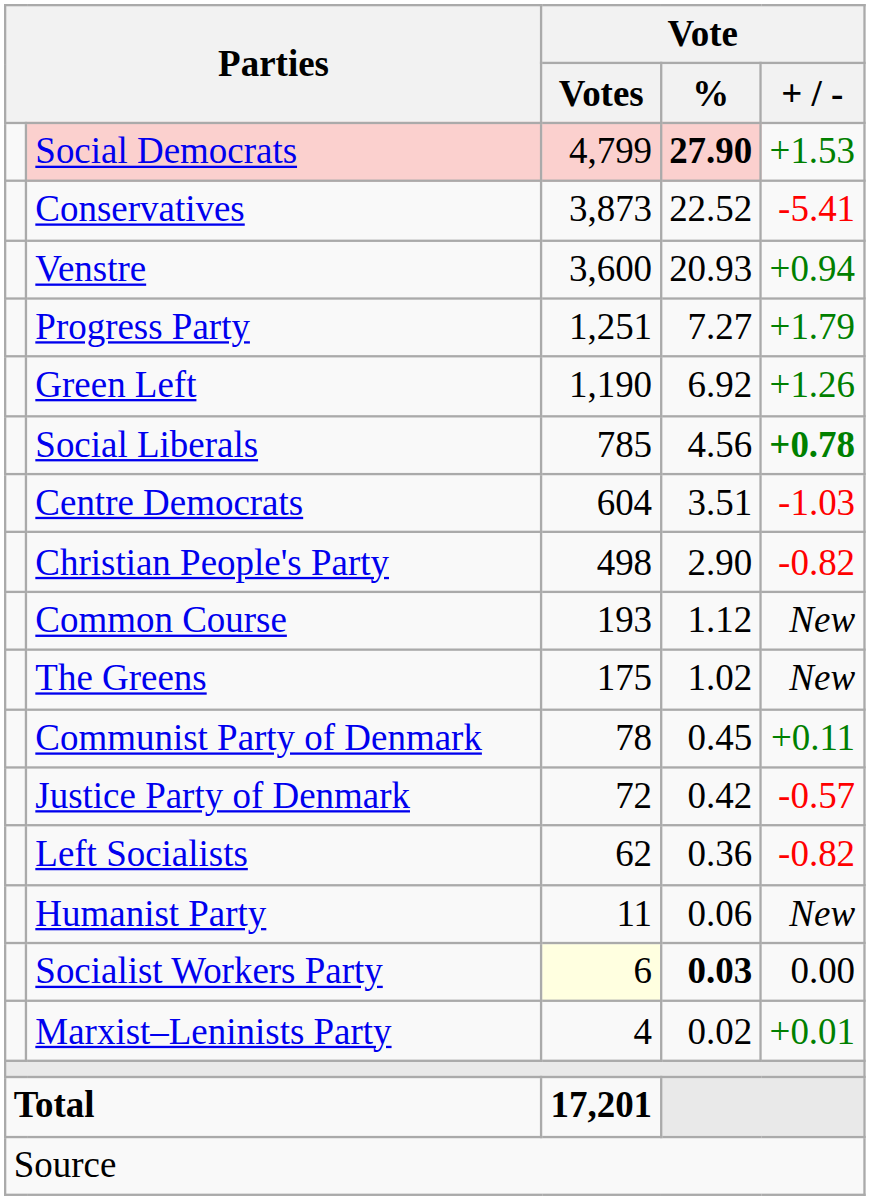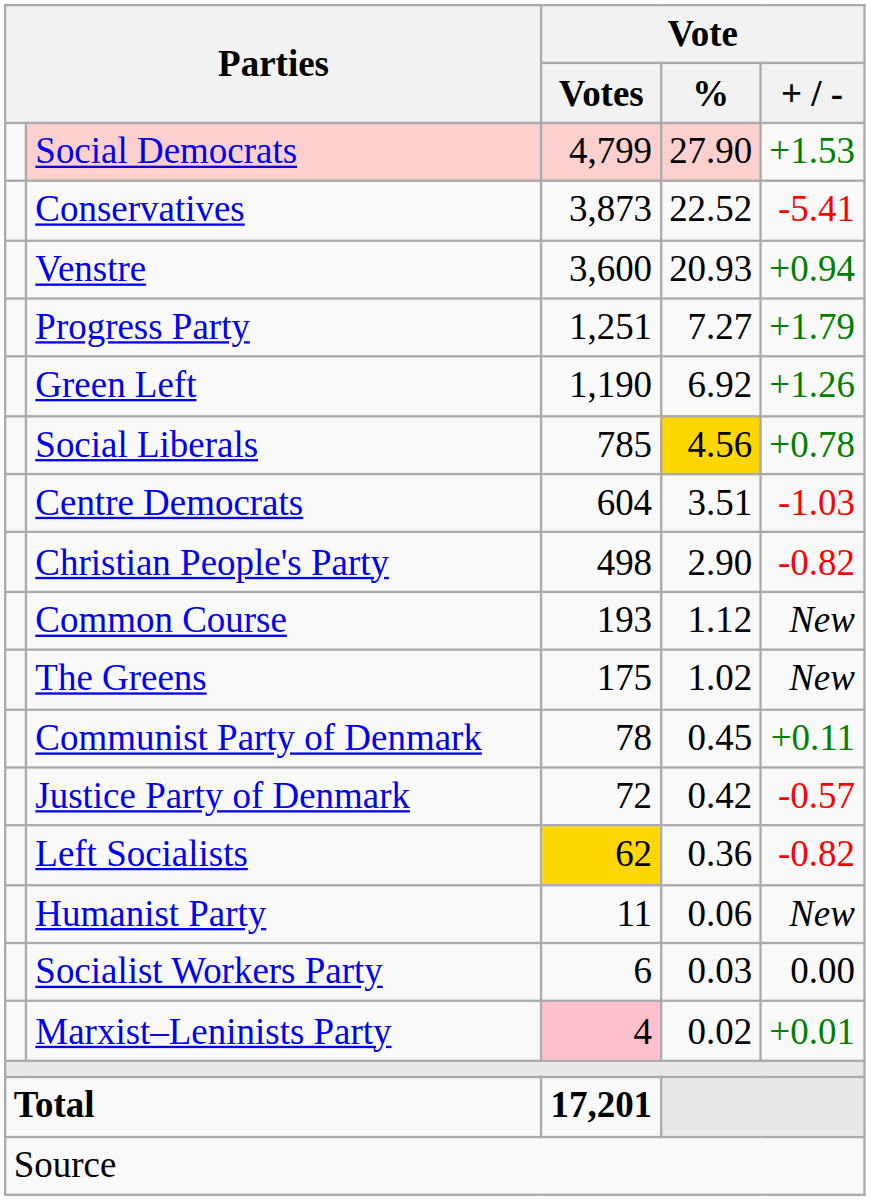 <table class="wikitable" style="text-align:right;">
 <tr>
 <th style="text-align:centre;" rowspan="2" colspan="2" width="225">Parties</th>
 <th colspan="3">Vote</th>
 </tr>
 <tr>
 <th width="15">Votes</th>
 <th width="15">%</th>
 <th width="15">+ / -</th>
 </tr>
 <tr>
 <td width="2" style="color:inherit;background:"></td>
 <td bgcolor=#fbd0ce  align="left"><a href='#'>Social Democrats</a></td>
 <td bgcolor=#fbd0ce>4,799</td>
-<td bgcolor=#fbd0ce><strong>27.90</strong></td>
+<td bgcolor=#fbd0ce>27.90</td>
 <td style=color:green;>+1.53</td>
 </tr>
 <tr>
 <td width="2" style="color:inherit;background:"></td>
 <td align="left"><a href='#'>Conservatives</a></td>
 <td>3,873</td>
 <td>22.52</td>
 <td style=color:red;>-5.41</td>
 </tr>
 <tr>
 <td width="2" style="color:inherit;background:"></td>
 <td align="left"><a href='#'>Venstre</a></td>
 <td>3,600</td>
 <td>20.93</td>
 <td style=color:green;>+0.94</td>
 </tr>
 <tr>
 <td width="2" style="color:inherit;background:"></td>
 <td align="left"><a href='#'>Progress Party</a></td>
 <td>1,251</td>
 <td>7.27</td>
 <td style=color:green;>+1.79</td>
 </tr>
 <tr>
 <td width="2" style="color:inherit;background:"></td>
 <td align="left"><a href='#'>Green Left</a></td>
 <td>1,190</td>
 <td>6.92</td>
 <td style=color:green;>+1.26</td>
 </tr>
 <tr>
 <td width="2" style="color:inherit;background:"></td>
 <td align="left"><a href='#'>Social Liberals</a></td>
 <td>785</td>
-<td>4.56</td>
-<td style=color:green;><strong>+0.78</strong></td>
+<td style="background: gold;">4.56</td>
+<td style=color:green;>+0.78</td>
 </tr>
 <tr>
 <td width="2" style="color:inherit;background:"></td>
 <td align="left"><a href='#'>Centre Democrats</a></td>
 <td>604</td>
 <td>3.51</td>
 <td style=color:red;>-1.03</td>
 </tr>
 <tr>
 <td width="2" style="color:inherit;background:"></td>
 <td align="left"><a href='#'>Christian People's Party</a></td>
 <td>498</td>
 <td>2.90</td>
 <td style=color:red;>-0.82</td>
 </tr>
 <tr>
 <td width="2" style="color:inherit;background:"></td>
 <td align="left"><a href='#'>Common Course</a></td>
 <td>193</td>
 <td>1.12</td>
 <td><em>New</em></td>
 </tr>
 <tr>
 <td width="2" style="color:inherit;background:"></td>
 <td align="left"><a href='#'>The Greens</a></td>
 <td>175</td>
 <td>1.02</td>
 <td><em>New</em></td>
 </tr>
 <tr>
 <td width="2" style="color:inherit;background:"></td>
 <td align="left"><a href='#'>Communist Party of Denmark</a></td>
 <td>78</td>
 <td>0.45</td>
 <td style=color:green;>+0.11</td>
 </tr>
 <tr>
 <td width="2" style="color:inherit;background:"></td>
 <td align="left"><a href='#'>Justice Party of Denmark</a></td>
 <td>72</td>
 <td>0.42</td>
 <td style=color:red;>-0.57</td>
 </tr>
 <tr>
 <td width="2" style="color:inherit;background:"></td>
 <td align="left"><a href='#'>Left Socialists</a></td>
-<td>62</td>
+<td style="background: gold;">62</td>
 <td>0.36</td>
 <td style=color:red;>-0.82</td>
 </tr>
 <tr>
 <td width="2" style="color:inherit;background:"></td>
 <td align="left"><a href='#'>Humanist Party</a></td>
 <td>11</td>
 <td>0.06</td>
 <td><em>New</em></td>
 </tr>
 <tr>
 <td width="2" style="color:inherit;background:"></td>
 <td align="left"><a href='#'>Socialist Workers Party</a></td>
-<td style="background: lightyellow;">6</td>
-<td><strong>0.03</strong></td>
+<td>6</td>
+<td>0.03</td>
 <td>0.00</td>
 </tr>
 <tr>
 <td width="2" style="color:inherit;background:"></td>
 <td align="left"><a href='#'>Marxist–Leninists Party</a></td>
-<td>4</td>
+<td style="background: pink;">4</td>
 <td>0.02</td>
 <td style=color:green;>+0.01</td>
 </tr>
 <tr>
 <td colspan="7" bgcolor="#E9E9E9"></td>
 </tr>
 <tr>
 <td align="left" colspan="2"><strong>Total</strong></td>
 <td><strong>17,201</strong></td>
 <td bgcolor="#E9E9E9" colspan="2"></td>
 </tr>
 <tr>
 <td align="left" colspan="6">Source</td>
 </tr>
 </table>
